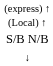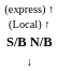 <table style="text-align:center;">
 <tr>
 <td><small>  (express) ↑ <br> (Local) ↑ </small></td>
 </tr>
 <tr>
-<td><span>S/B</span>   <span>N/B</span></td>
+<td><strong><span>S/B</span>   <span>N/B</span></strong></td>
 </tr>
 <tr>
 <td><small> ↓ </small></td>
 </tr>
 </table>
